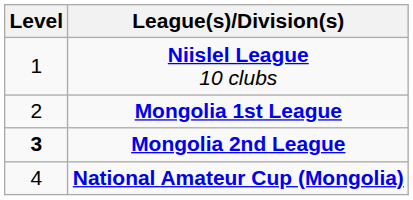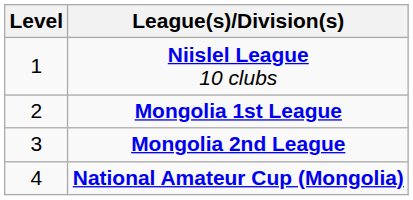 <table class="wikitable" style="text-align: center;">
 <tr>
 <th>Level</th>
 <th colspan="12">League(s)/Division(s)</th>
 </tr>
 <tr>
 <td>1</td>
 <td colspan="12"><strong><a href='#'>Niislel League</a></strong><br><em>10 clubs</em></td>
 </tr>
 <tr>
 <td>2</td>
 <td colspan="12"><strong><a href='#'>Mongolia 1st League</a></strong></td>
 </tr>
 <tr>
-<td><strong>3</strong></td>
+<td>3</td>
 <td colspan="12"><strong><a href='#'>Mongolia 2nd League</a></strong></td>
 </tr>
 <tr>
 <td>4</td>
 <td colspan="12"><strong><a href='#'>National Amateur Cup (Mongolia)</a></strong></td>
 </tr>
 </table>
